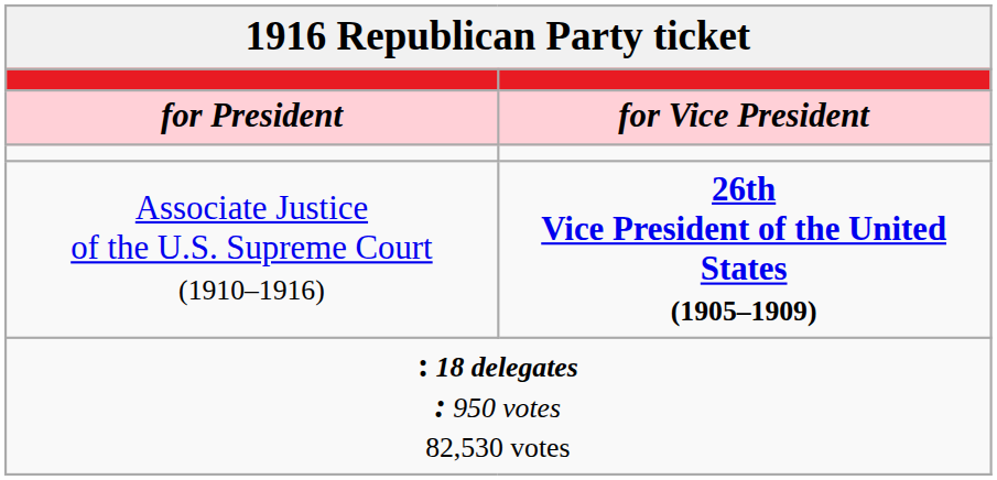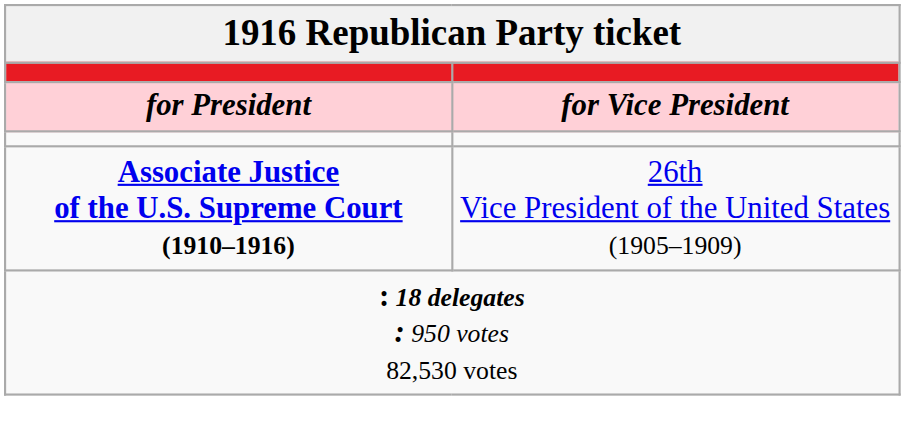 <table class="wikitable" style="font-size:90%; text-align:center;">
 <tr>
 <td style="background:#f1f1f1;" colspan="30"><big><strong>1916 Republican Party ticket</strong></big></td>
 </tr>
 <tr>
 <th style="width:3em; font-size:135%; background:#E81B23; width:200px;"><a href='#'></a></th>
 <th style="width:3em; font-size:135%; background:#E81B23; width:200px;"><a href='#'></a></th>
 </tr>
 <tr style="color:#000; font-size:100%; background:#FFD0D7;">
 <td style="width:3em; width:200px;"><strong><em>for President</em></strong></td>
 <td style="width:3em; width:200px;"><strong><em>for Vice President</em></strong></td>
 </tr>
 <tr>
 <td></td>
 <td></td>
 </tr>
 <tr>
-<td><a href='#'>Associate Justice<br>of the U.S. Supreme Court</a><br><small>(1910–1916)</small></td>
-<td><strong><a href='#'>26th</a><br><a href='#'>Vice President of the United States</a><br><small>(1905–1909)</small></strong></td>
+<td><strong><a href='#'>Associate Justice<br>of the U.S. Supreme Court</a><br><small>(1910–1916)</small></strong></td>
+<td><a href='#'>26th</a><br><a href='#'>Vice President of the United States</a><br><small>(1905–1909)</small></td>
 </tr>
 <tr>
 <td colspan=2><strong>:<strong><em><small> 18 delegates</small><em><br></strong>:</em></strong><small> 950 votes</small></em><br><small>82,530 votes</small></td>
 </tr>
 </table>
